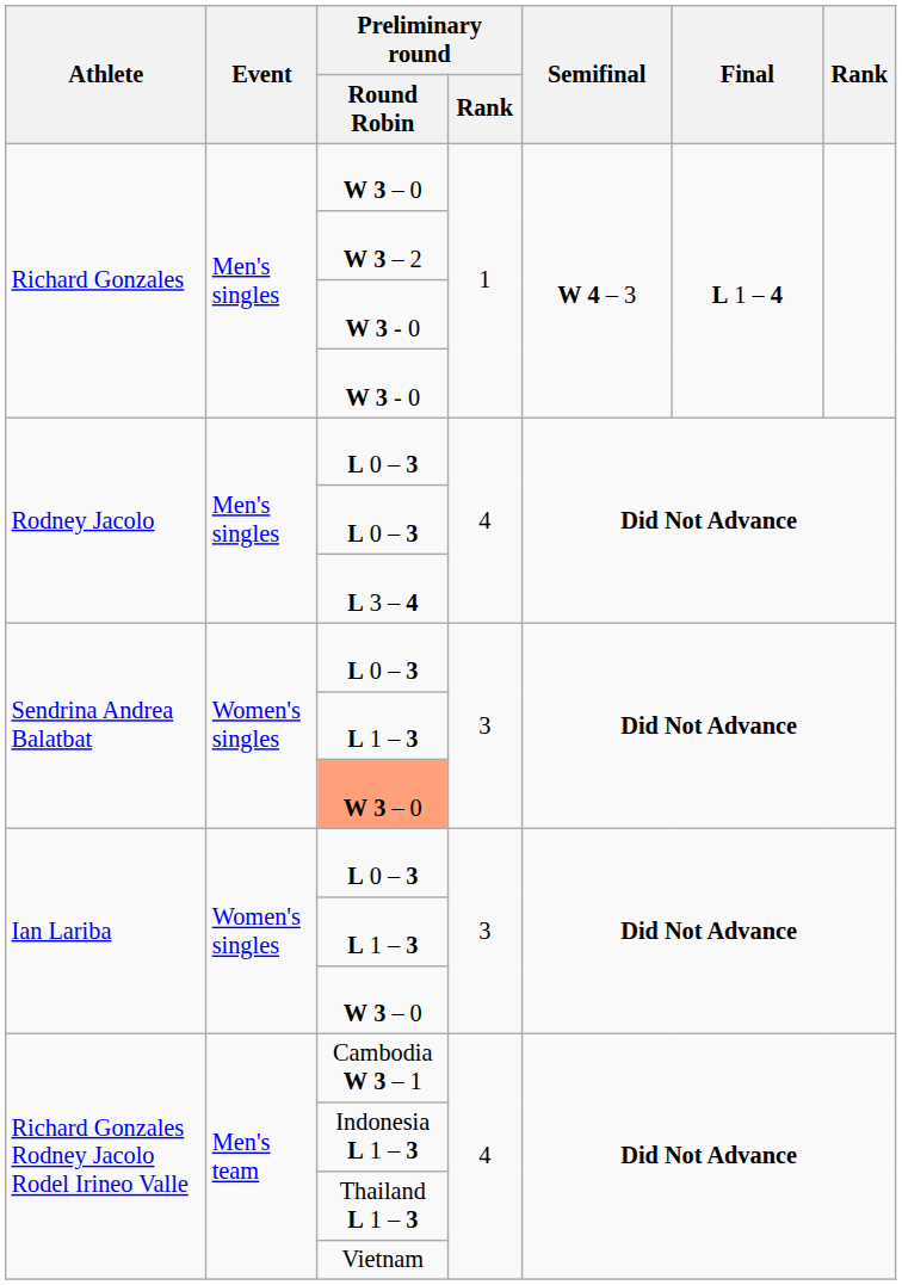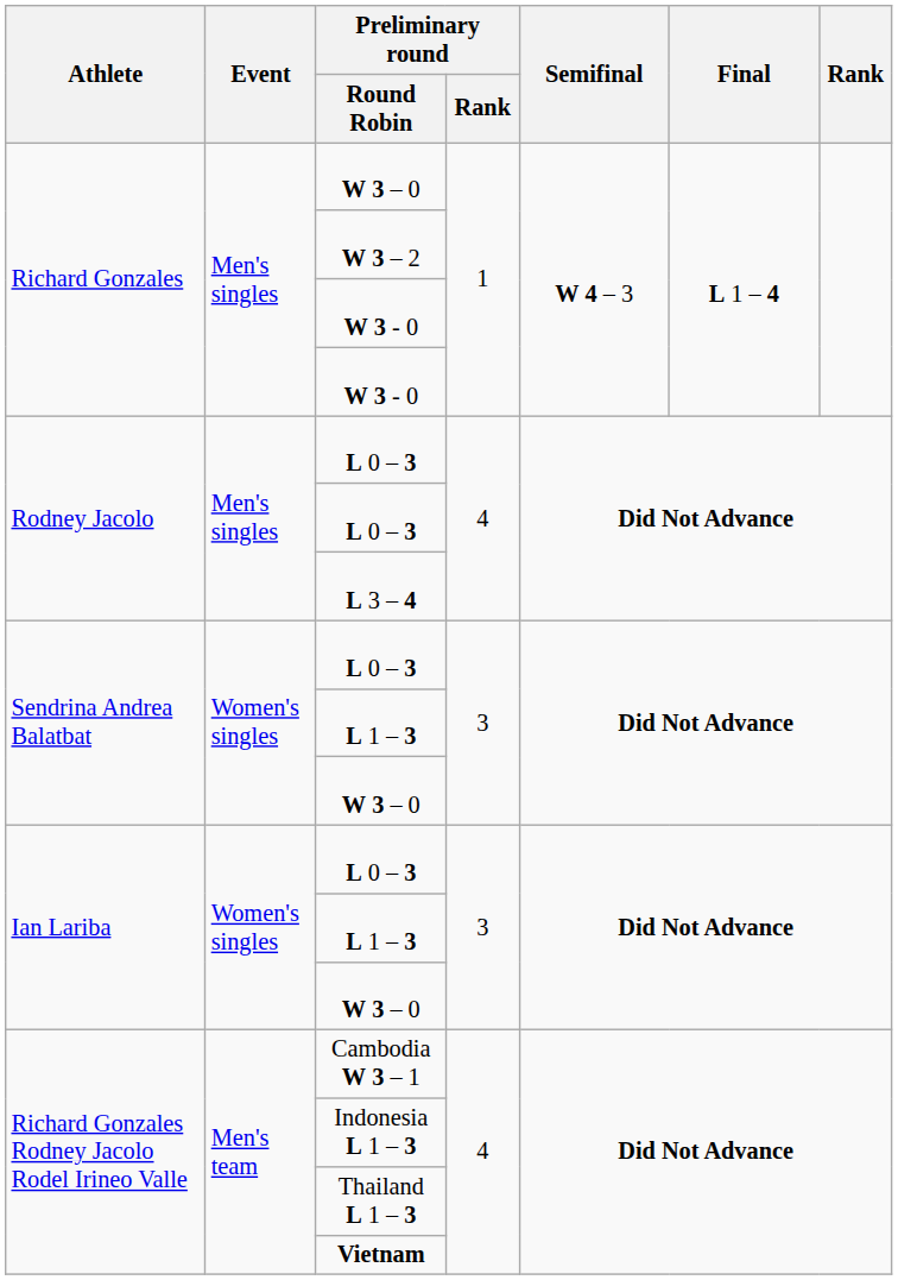 <table class="wikitable" width="85%" style="text-align:center; font-size:90%">
 <tr>
 <th rowspan="2" width="20%">Athlete</th>
 <th rowspan="2" width="10%">Event</th>
 <th colspan="2" width="15%">Preliminary round</th>
 <th rowspan="2" width="15%">Semifinal</th>
 <th rowspan="2" width="15%">Final</th>
 <th rowspan="2" width="5%">Rank</th>
 </tr>
 <tr>
 <th width="13%">Round Robin</th>
 <th width="5%">Rank</th>
 </tr>
 <tr>
 <td rowspan=4 align=left><a href='#'>Richard Gonzales</a></td>
 <td rowspan=4 align=left><a href='#'>Men's singles</a></td>
 <td> <br> <strong>W</strong> <strong>3</strong> – 0</td>
 <td rowspan=4>1 <strong></strong></td>
 <td rowspan=4> <br> <strong>W</strong> <strong>4</strong> – 3</td>
 <td rowspan=4> <br> <strong>L</strong> 1 – <strong>4</strong></td>
 <td rowspan=4></td>
 </tr>
 <tr>
 <td> <br> <strong>W</strong> <strong>3</strong> – 2</td>
 </tr>
 <tr>
 <td> <br> <strong>W</strong> <strong>3</strong> - 0</td>
 </tr>
 <tr>
 <td> <br> <strong>W</strong> <strong>3</strong> - 0</td>
 </tr>
 <tr>
 <td rowspan=3 align=left><a href='#'>Rodney Jacolo</a></td>
 <td rowspan=3 align=left><a href='#'>Men's singles</a></td>
 <td> <br><strong>L</strong> 0 – <strong>3</strong></td>
 <td rowspan=3>4</td>
 <td rowspan=3 colspan=3><strong>Did Not Advance</strong></td>
 </tr>
 <tr>
 <td> <br> <strong>L</strong> 0 – <strong>3</strong></td>
 </tr>
 <tr>
 <td> <br> <strong>L</strong> 3 – <strong>4</strong></td>
 </tr>
 <tr>
 <td rowspan=3 align=left><a href='#'>Sendrina Andrea Balatbat</a></td>
 <td rowspan=3 align=left><a href='#'>Women's singles</a></td>
 <td> <br> <strong>L</strong> 0 – <strong>3</strong></td>
 <td rowspan=3>3</td>
 <td rowspan=3 colspan=3><strong>Did Not Advance</strong></td>
 </tr>
 <tr>
 <td> <br> <strong>L</strong> 1 – <strong>3</strong></td>
 </tr>
 <tr>
-<td style="background: lightsalmon;"> <br> <strong>W</strong> <strong>3</strong> – 0</td>
+<td> <br> <strong>W</strong> <strong>3</strong> – 0</td>
 </tr>
 <tr>
 <td rowspan=3 align=left><a href='#'>Ian Lariba</a></td>
 <td rowspan=3 align=left><a href='#'>Women's singles</a></td>
 <td><br> <strong>L</strong> 0 – <strong>3</strong></td>
 <td rowspan=3>3</td>
 <td rowspan=3 colspan=3><strong>Did Not Advance</strong></td>
 </tr>
 <tr>
 <td> <br> <strong>L</strong> 1 – <strong>3</strong></td>
 </tr>
 <tr>
 <td> <br> <strong>W</strong> <strong>3</strong> – 0</td>
 </tr>
 <tr>
 <td rowspan=4 align=left><a href='#'>Richard Gonzales</a><br><a href='#'>Rodney Jacolo</a><br><a href='#'>Rodel Irineo Valle</a></td>
 <td rowspan=4 align=left><a href='#'>Men's team</a></td>
 <td>Cambodia <br> <strong>W</strong> <strong>3</strong> – 1</td>
 <td rowspan=4>4</td>
 <td rowspan=4 colspan=3><strong>Did Not Advance</strong></td>
 </tr>
 <tr>
 <td>Indonesia <br> <strong>L</strong> 1 – <strong>3</strong></td>
 </tr>
 <tr>
 <td>Thailand <br> <strong>L</strong> 1 – <strong>3</strong></td>
 </tr>
 <tr>
-<td>Vietnam</td>
+<td><strong>Vietnam</strong></td>
 </tr>
 </table>
